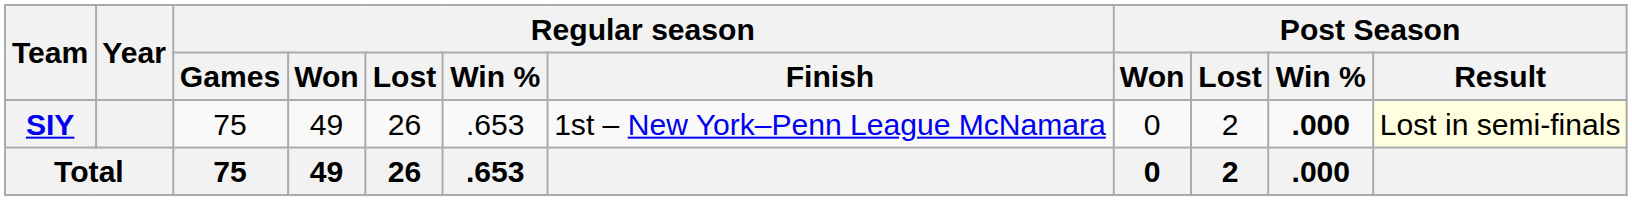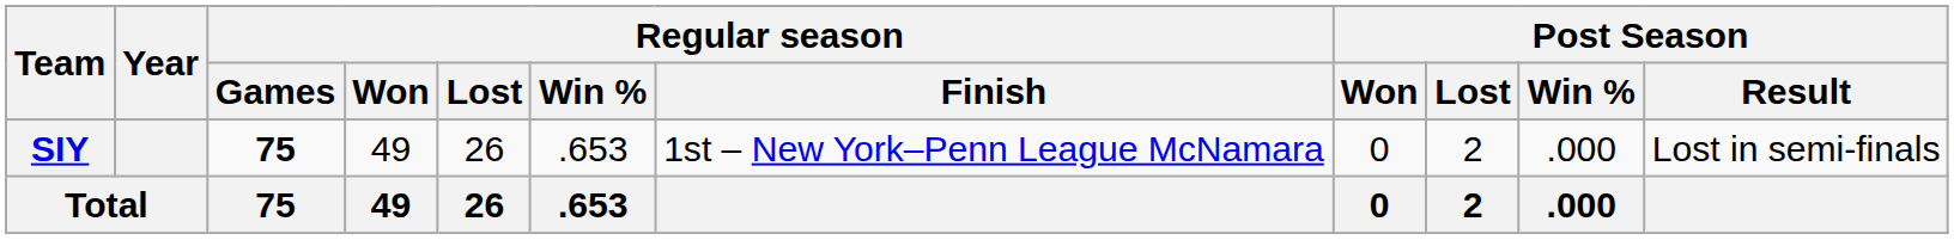 <table class="wikitable" style="font-size: 95%; text-align:center;">
 <tr>
 <th rowspan="2">Team</th>
 <th rowspan="2">Year</th>
 <th colspan="5">Regular season</th>
 <th colspan="4">Post Season</th>
 </tr>
 <tr>
 <th>Games</th>
 <th>Won</th>
 <th>Lost</th>
 <th>Win %</th>
 <th>Finish</th>
 <th>Won</th>
 <th>Lost</th>
 <th>Win %</th>
 <th>Result</th>
 </tr>
 <tr>
 <th><a href='#'>SIY</a></th>
 <th></th>
-<td>75</td>
+<td><strong>75</strong></td>
 <td>49</td>
 <td>26</td>
 <td>.653</td>
 <td>1st – <a href='#'>New York–Penn League McNamara</a></td>
 <td>0</td>
 <td>2</td>
-<td><strong>.000</strong></td>
-<td style="background: lightyellow;">Lost in semi-finals</td>
+<td>.000</td>
+<td>Lost in semi-finals</td>
 </tr>
 <tr>
 <th colspan="2">Total</th>
 <th>75</th>
 <th>49</th>
 <th>26</th>
 <th>.653</th>
 <th></th>
 <th>0</th>
 <th>2</th>
 <th>.000</th>
 <th></th>
 </tr>
 </table>
